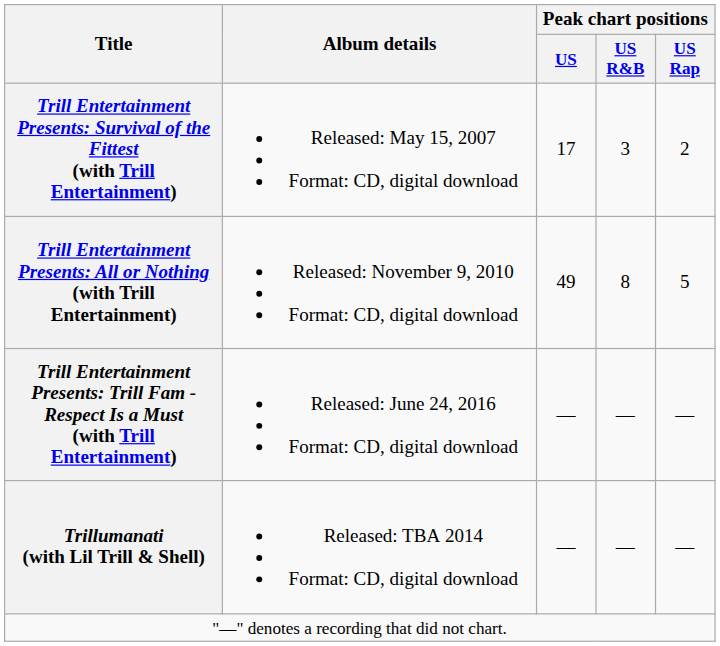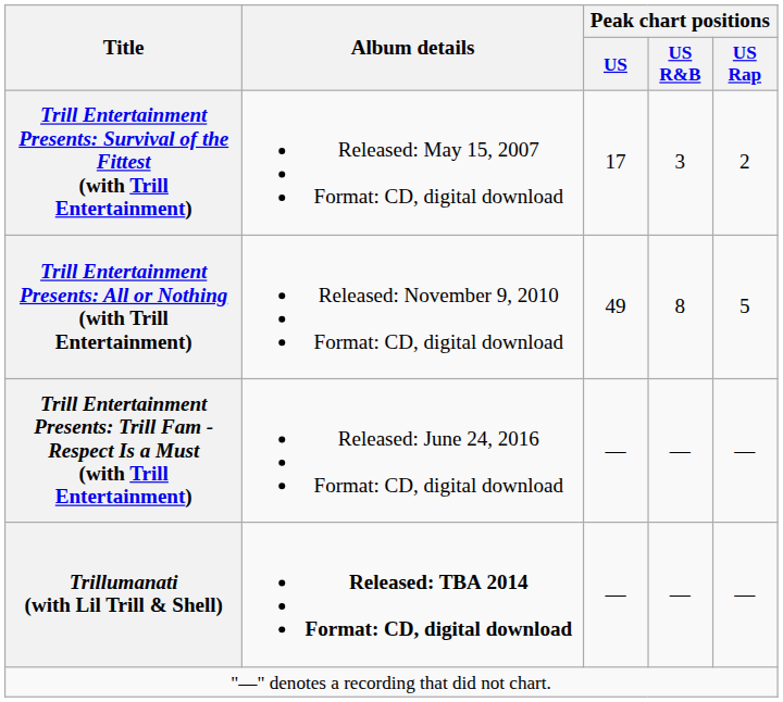 <table class="wikitable plainrowheaders" style="text-align:center;">
 <tr>
 <th scope="col" rowspan="2" style="width:11em;">Title</th>
 <th scope="col" rowspan="2" style="width:16em;">Album details</th>
 <th scope="col" colspan="3">Peak chart positions</th>
 </tr>
 <tr>
 <th style="width:3em;font-size:90%;"><a href='#'>US</a></th>
 <th style="width:3em;font-size:90%;"><a href='#'>US<br>R&B</a></th>
 <th style="width:3em;font-size:90%;"><a href='#'>US<br>Rap</a></th>
 </tr>
 <tr>
 <th scope="row"><em><a href='#'>Trill Entertainment Presents: Survival of the Fittest</a></em><br><span>(with <a href='#'>Trill Entertainment</a>)</span></th>
 <td><br><ul><li>Released: May 15, 2007</li><li></li><li>Format: CD, digital download</li></ul></td>
 <td>17</td>
 <td>3</td>
 <td>2</td>
 </tr>
 <tr>
 <th scope="row"><em><a href='#'>Trill Entertainment Presents: All or Nothing</a></em><br><span>(with Trill Entertainment)</span></th>
 <td><br><ul><li>Released: November 9, 2010</li><li></li><li>Format: CD, digital download</li></ul></td>
 <td>49</td>
 <td>8</td>
 <td>5</td>
 </tr>
 <tr>
 <th scope="row"><em>Trill Entertainment Presents: Trill Fam - Respect Is a Must</em><br><span>(with <a href='#'>Trill Entertainment</a>)</span></th>
 <td><br><ul><li>Released: June 24, 2016</li><li></li><li>Format: CD, digital download</li></ul></td>
 <td>—</td>
 <td>—</td>
 <td>—</td>
 </tr>
 <tr>
 <th scope="row"><em>Trillumanati</em><br><span>(with Lil Trill & Shell)</span></th>
-<td><br><ul><li>Released: TBA 2014</li><li></li><li>Format: CD, digital download</li></ul></td>
+<td><strong><br><ul><li>Released: TBA 2014</li><li></li><li>Format: CD, digital download</li></ul></strong></td>
 <td>—</td>
 <td>—</td>
 <td>—</td>
 </tr>
 <tr>
 <td colspan="14" style="font-size:90%">"—" denotes a recording that did not chart.</td>
 </tr>
 </table>
